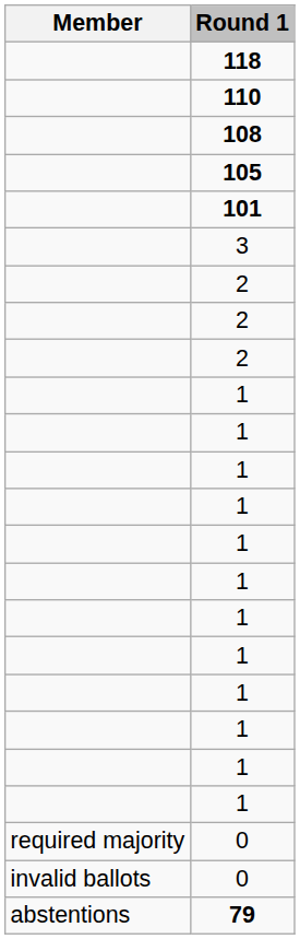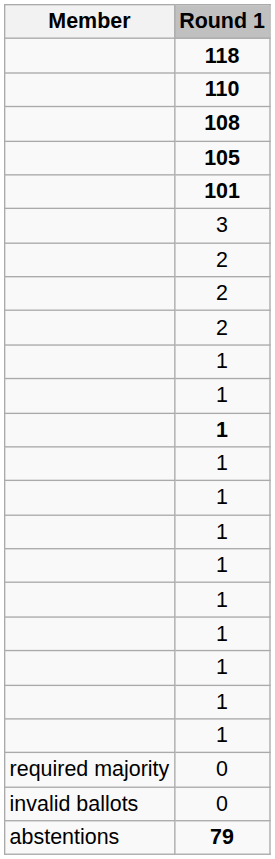 <table class="wikitable collapsible">
 <tr>
 <th>Member</th>
 <td style="background:silver;"><strong>Round 1</strong></td>
 </tr>
 <tr>
 <td></td>
 <td style="text-align:center;"><strong>118</strong></td>
 </tr>
 <tr>
 <td></td>
 <td style="text-align:center;"><strong>110</strong></td>
 </tr>
 <tr>
 <td></td>
 <td style="text-align:center;"><strong>108</strong></td>
 </tr>
 <tr>
 <td></td>
 <td style="text-align:center;"><strong>105</strong></td>
 </tr>
 <tr>
 <td></td>
 <td style="text-align:center;"><strong>101</strong></td>
 </tr>
 <tr>
 <td></td>
 <td style="text-align:center;">3</td>
 </tr>
 <tr>
 <td></td>
 <td style="text-align:center;">2</td>
 </tr>
 <tr>
 <td></td>
 <td style="text-align:center;">2</td>
 </tr>
 <tr>
 <td></td>
 <td style="text-align:center;">2</td>
 </tr>
 <tr>
 <td></td>
 <td style="text-align:center;">1</td>
 </tr>
 <tr>
 <td></td>
 <td style="text-align:center;">1</td>
 </tr>
 <tr>
 <td></td>
-<td style="text-align:center;">1</td>
+<td style="text-align:center;"><strong>1</strong></td>
 </tr>
 <tr>
 <td></td>
 <td style="text-align:center;">1</td>
 </tr>
 <tr>
 <td></td>
 <td style="text-align:center;">1</td>
 </tr>
 <tr>
 <td></td>
 <td style="text-align:center;">1</td>
 </tr>
 <tr>
 <td></td>
 <td style="text-align:center;">1</td>
 </tr>
 <tr>
 <td></td>
 <td style="text-align:center;">1</td>
 </tr>
 <tr>
 <td></td>
 <td style="text-align:center;">1</td>
 </tr>
 <tr>
 <td></td>
 <td style="text-align:center;">1</td>
 </tr>
 <tr>
 <td></td>
 <td style="text-align:center;">1</td>
 </tr>
 <tr>
 <td></td>
 <td style="text-align:center;">1</td>
 </tr>
 <tr>
 <td>required majority</td>
 <td style="text-align:center;">0</td>
 </tr>
 <tr>
 <td>invalid ballots</td>
 <td style="text-align:center;">0</td>
 </tr>
 <tr>
 <td>abstentions</td>
 <td style="text-align:center;"><strong>79</strong></td>
 </tr>
 </table>
